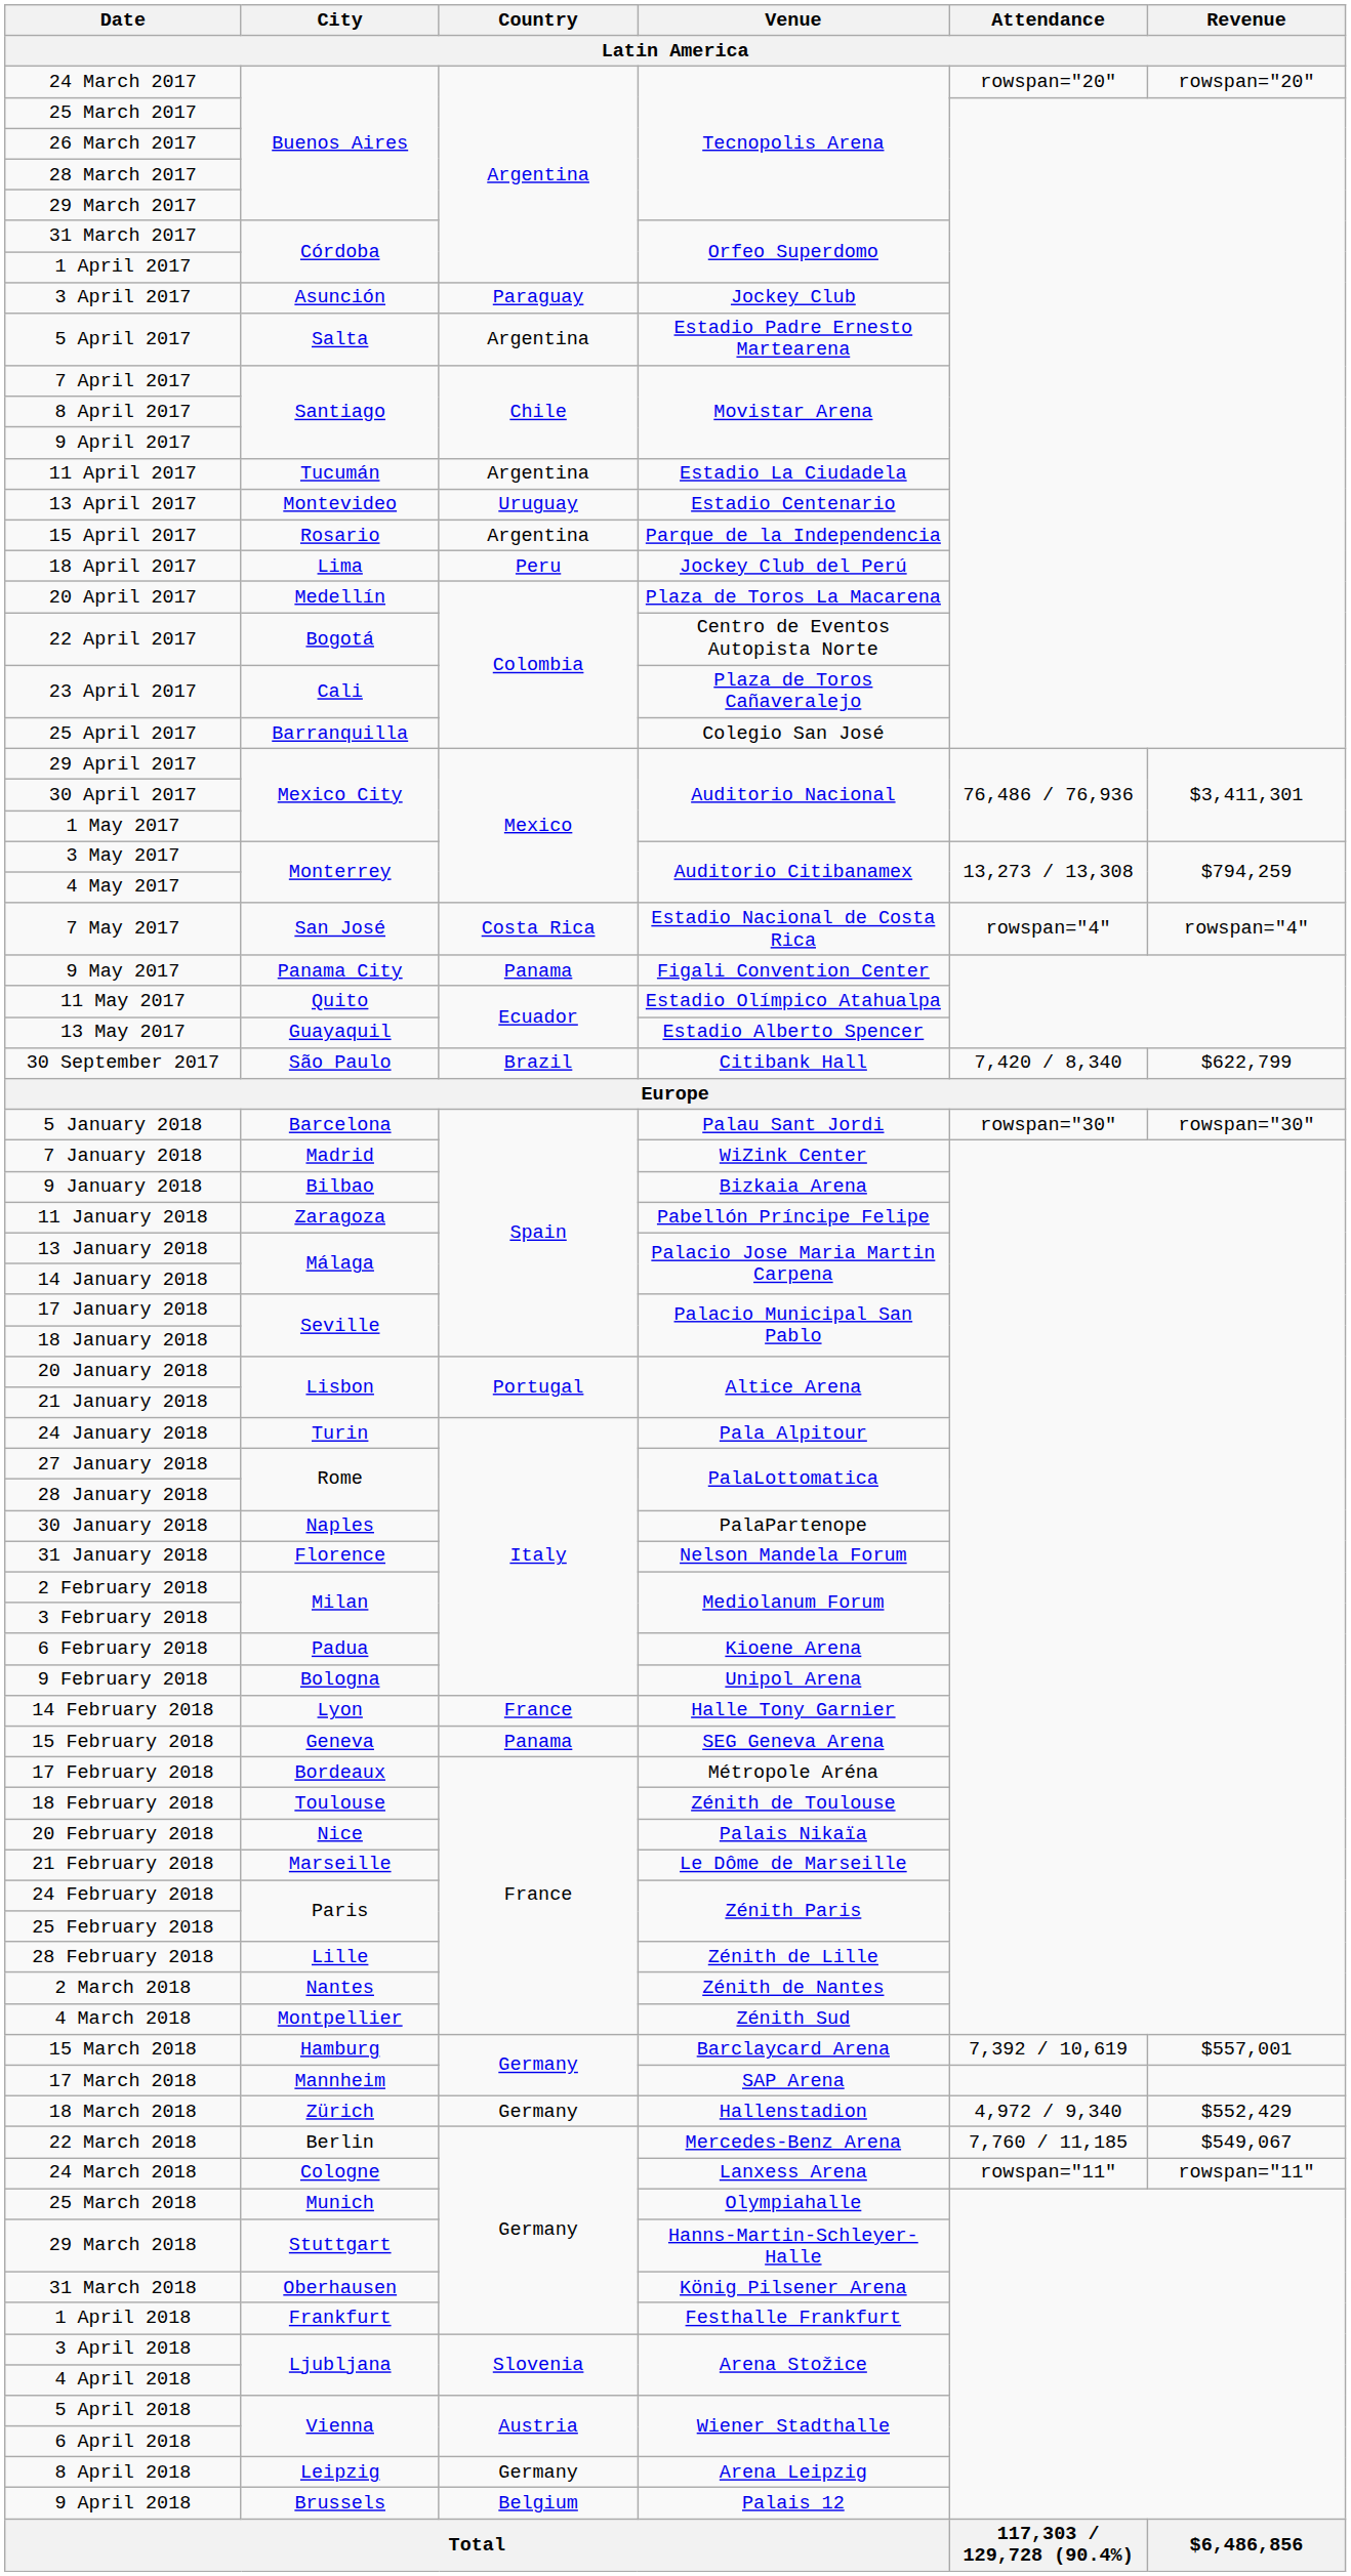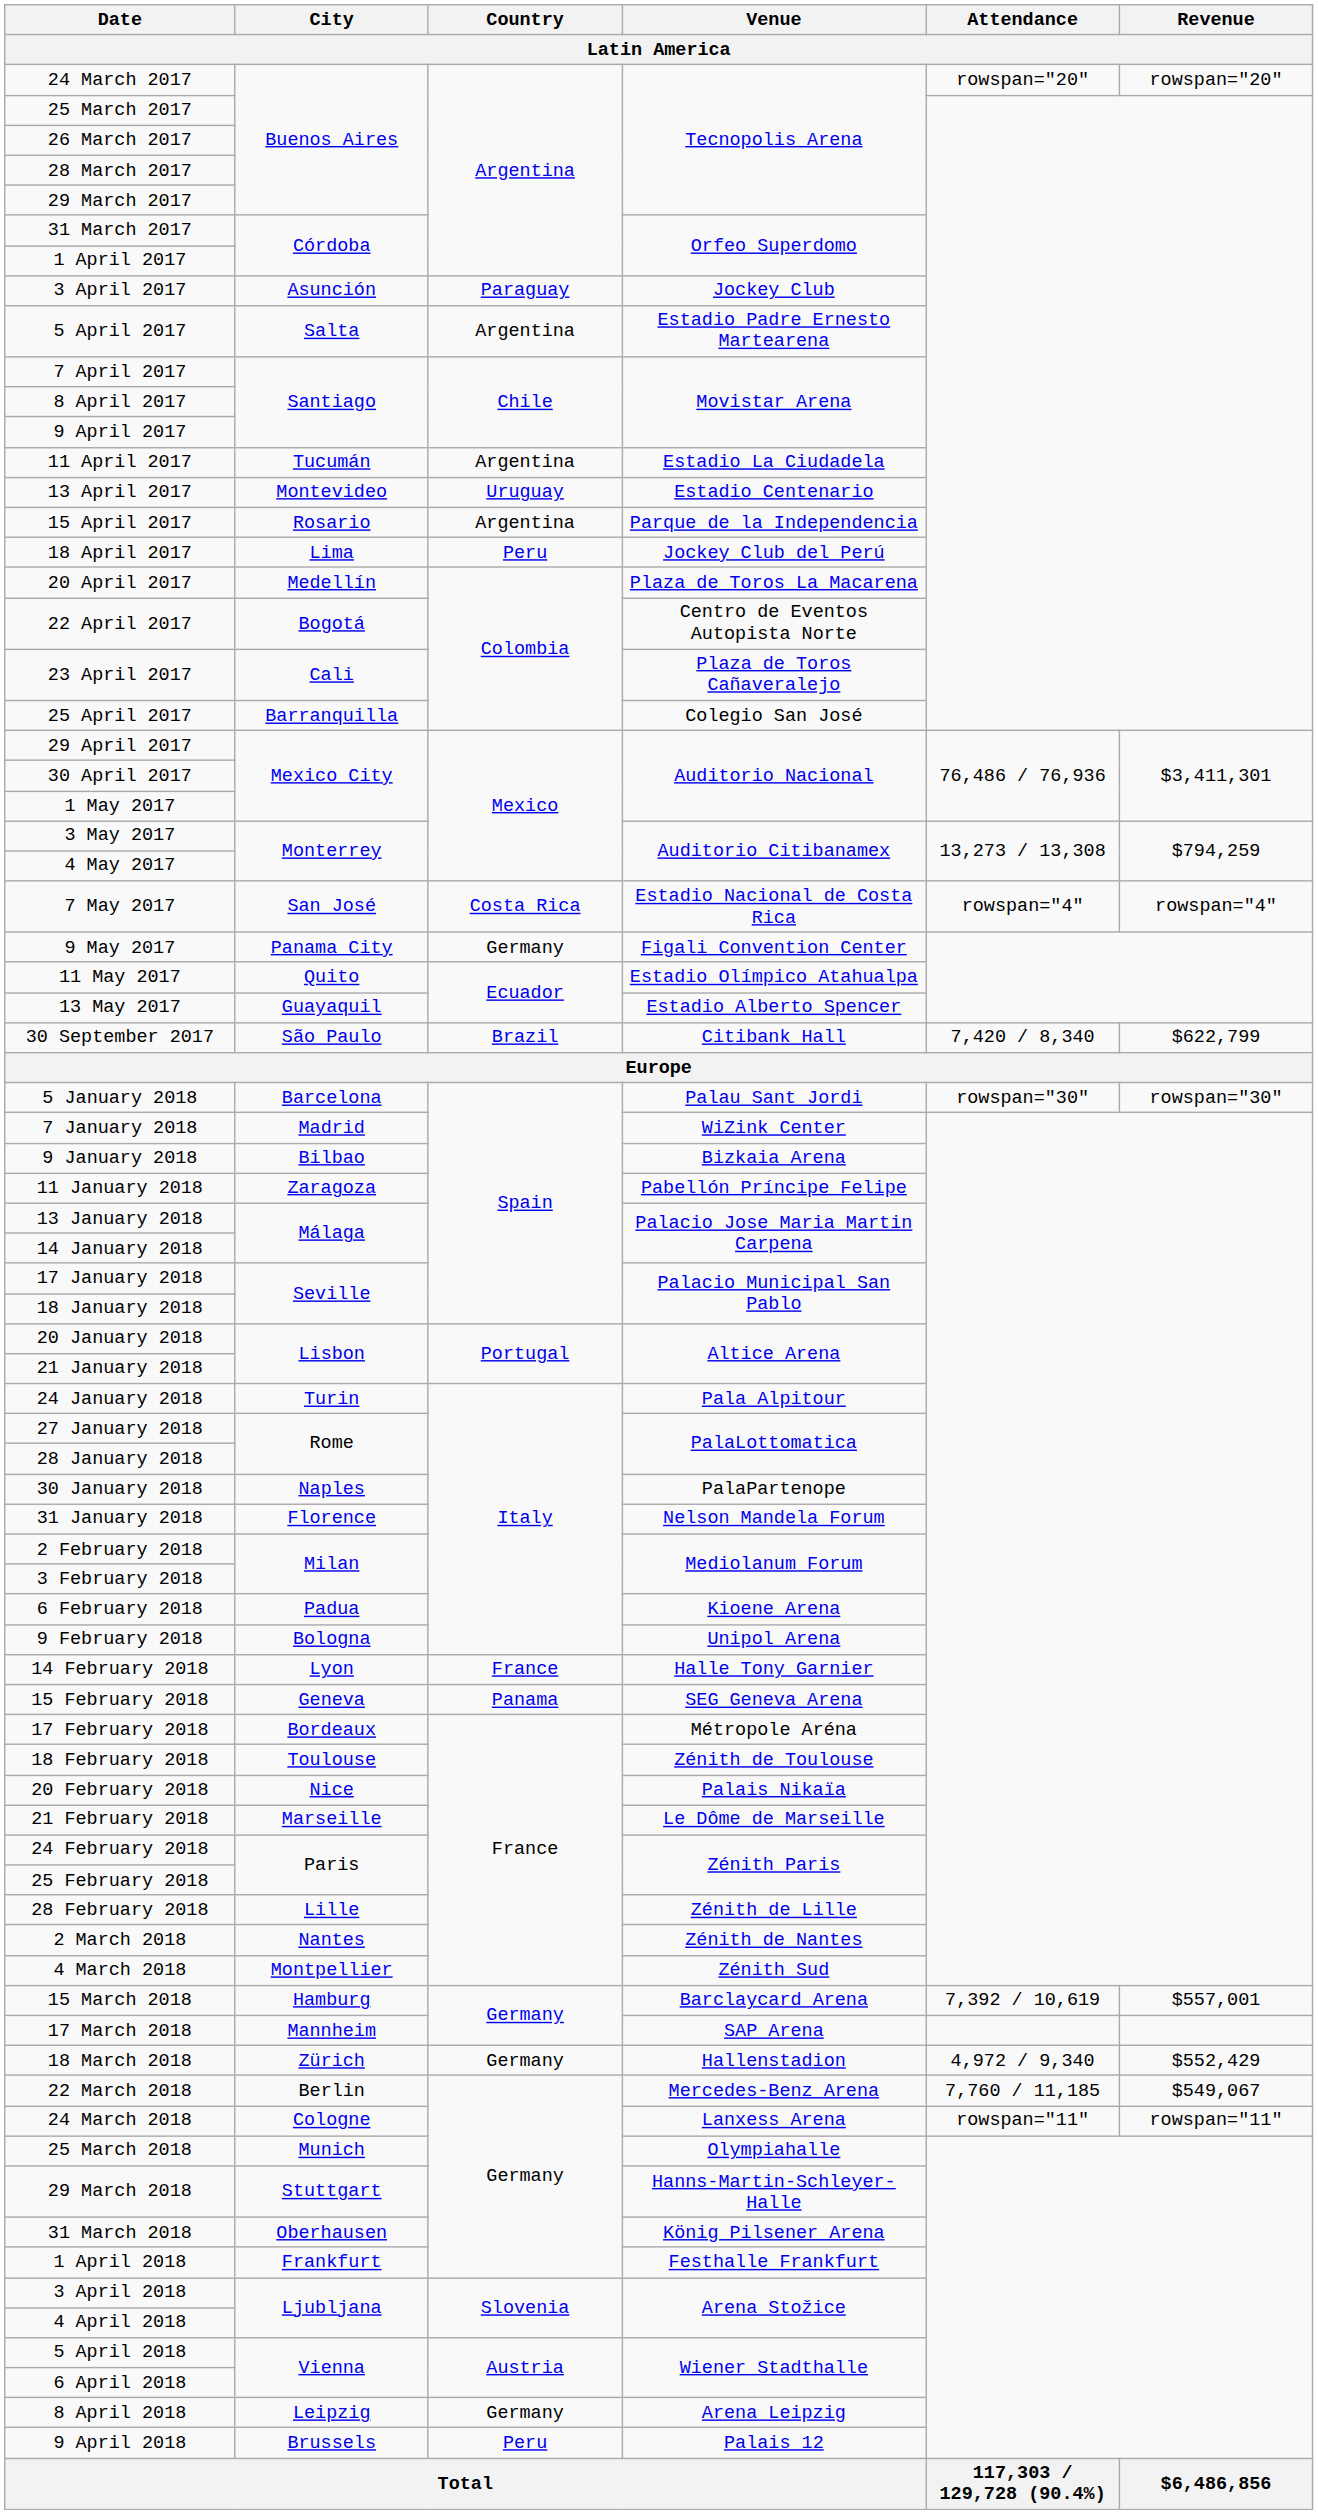 <table class="wikitable plainrowheaders" style="text-align:center;">
 <tr>
 <th scope="col" style="width:12em;">Date</th>
 <th scope="col" style="width:10em;">City</th>
 <th scope="col" style="width:10em;">Country</th>
 <th scope="col" style="width:16em;">Venue</th>
 <th scope="col" style="width:10em;">Attendance</th>
 <th scope="col" style="width:10em;">Revenue</th>
 </tr>
 <tr>
 <th colspan="6">Latin America</th>
 </tr>
 <tr>
 <td>24 March 2017</td>
 <td rowspan="5"><a href='#'>Buenos Aires</a></td>
 <td rowspan="7"><a href='#'>Argentina</a></td>
 <td rowspan="5"><a href='#'>Tecnopolis Arena</a></td>
 <td>rowspan="20" </td>
 <td>rowspan="20" </td>
 </tr>
 <tr>
 <td>25 March 2017</td>
 </tr>
 <tr>
 <td>26 March 2017</td>
 </tr>
 <tr>
 <td>28 March 2017</td>
 </tr>
 <tr>
 <td>29 March 2017</td>
 </tr>
 <tr>
 <td>31 March 2017</td>
 <td rowspan="2"><a href='#'>Córdoba</a></td>
 <td rowspan="2"><a href='#'>Orfeo Superdomo</a></td>
 </tr>
 <tr>
 <td>1 April 2017</td>
 </tr>
 <tr>
 <td>3 April 2017</td>
 <td><a href='#'>Asunción</a></td>
 <td><a href='#'>Paraguay</a></td>
 <td><a href='#'>Jockey Club</a></td>
 </tr>
 <tr>
 <td>5 April 2017</td>
 <td><a href='#'>Salta</a></td>
 <td>Argentina</td>
 <td><a href='#'>Estadio Padre Ernesto Martearena</a></td>
 </tr>
 <tr>
 <td>7 April 2017</td>
 <td rowspan="3"><a href='#'>Santiago</a></td>
 <td rowspan="3"><a href='#'>Chile</a></td>
 <td rowspan="3"><a href='#'>Movistar Arena</a></td>
 </tr>
 <tr>
 <td>8 April 2017</td>
 </tr>
 <tr>
 <td>9 April 2017</td>
 </tr>
 <tr>
 <td>11 April 2017</td>
 <td><a href='#'>Tucumán</a></td>
 <td>Argentina</td>
 <td><a href='#'>Estadio La Ciudadela</a></td>
 </tr>
 <tr>
 <td>13 April 2017</td>
 <td><a href='#'>Montevideo</a></td>
 <td><a href='#'>Uruguay</a></td>
 <td><a href='#'>Estadio Centenario</a></td>
 </tr>
 <tr>
 <td>15 April 2017</td>
 <td><a href='#'>Rosario</a></td>
 <td>Argentina</td>
 <td><a href='#'>Parque de la Independencia</a></td>
 </tr>
 <tr>
 <td>18 April 2017</td>
 <td><a href='#'>Lima</a></td>
 <td><a href='#'>Peru</a></td>
 <td><a href='#'>Jockey Club del Perú</a></td>
 </tr>
 <tr>
 <td>20 April 2017</td>
 <td><a href='#'>Medellín</a></td>
 <td rowspan="4"><a href='#'>Colombia</a></td>
 <td><a href='#'>Plaza de Toros La Macarena</a></td>
 </tr>
 <tr>
 <td>22 April 2017</td>
 <td><a href='#'>Bogotá</a></td>
 <td>Centro de Eventos Autopista Norte</td>
 </tr>
 <tr>
 <td>23 April 2017</td>
 <td><a href='#'>Cali</a></td>
 <td><a href='#'>Plaza de Toros Cañaveralejo</a></td>
 </tr>
 <tr>
 <td>25 April 2017</td>
 <td><a href='#'>Barranquilla</a></td>
 <td>Colegio San José</td>
 </tr>
 <tr>
 <td>29 April 2017</td>
 <td rowspan="3"><a href='#'>Mexico City</a></td>
 <td rowspan="5"><a href='#'>Mexico</a></td>
 <td rowspan="3"><a href='#'>Auditorio Nacional</a></td>
 <td rowspan="3">76,486 / 76,936</td>
 <td rowspan="3">$3,411,301</td>
 </tr>
 <tr>
 <td>30 April 2017</td>
 </tr>
 <tr>
 <td>1 May 2017</td>
 </tr>
 <tr>
 <td>3 May 2017</td>
 <td rowspan="2"><a href='#'>Monterrey</a></td>
 <td rowspan="2"><a href='#'>Auditorio Citibanamex</a></td>
 <td rowspan="2">13,273 / 13,308</td>
 <td rowspan="2">$794,259</td>
 </tr>
 <tr>
 <td>4 May 2017</td>
 </tr>
 <tr>
 <td>7 May 2017</td>
 <td><a href='#'>San José</a></td>
 <td><a href='#'>Costa Rica</a></td>
 <td><a href='#'>Estadio Nacional de Costa Rica</a></td>
 <td>rowspan="4" </td>
 <td>rowspan="4" </td>
 </tr>
 <tr>
 <td>9 May 2017</td>
 <td><a href='#'>Panama City</a></td>
-<td><a href='#'>Panama</a></td>
+<td>Germany</td>
 <td><a href='#'>Figali Convention Center</a></td>
 </tr>
 <tr>
 <td>11 May 2017</td>
 <td><a href='#'>Quito</a></td>
 <td rowspan="2"><a href='#'>Ecuador</a></td>
 <td><a href='#'>Estadio Olímpico Atahualpa</a></td>
 </tr>
 <tr>
 <td>13 May 2017</td>
 <td><a href='#'>Guayaquil</a></td>
 <td><a href='#'>Estadio Alberto Spencer</a></td>
 </tr>
 <tr>
 <td>30 September 2017</td>
 <td><a href='#'>São Paulo</a></td>
 <td><a href='#'>Brazil</a></td>
 <td><a href='#'>Citibank Hall</a></td>
 <td>7,420 / 8,340</td>
 <td>$622,799</td>
 </tr>
 <tr>
 <th colspan="6">Europe</th>
 </tr>
 <tr>
 <td>5 January 2018</td>
 <td><a href='#'>Barcelona</a></td>
 <td rowspan="8"><a href='#'>Spain</a></td>
 <td><a href='#'>Palau Sant Jordi</a></td>
 <td>rowspan="30" </td>
 <td>rowspan="30" </td>
 </tr>
 <tr>
 <td>7 January 2018</td>
 <td><a href='#'>Madrid</a></td>
 <td><a href='#'>WiZink Center</a></td>
 </tr>
 <tr>
 <td>9 January 2018</td>
 <td><a href='#'>Bilbao</a></td>
 <td><a href='#'>Bizkaia Arena</a></td>
 </tr>
 <tr>
 <td>11 January 2018</td>
 <td><a href='#'>Zaragoza</a></td>
 <td><a href='#'>Pabellón Príncipe Felipe</a></td>
 </tr>
 <tr>
 <td>13 January 2018</td>
 <td rowspan="2"><a href='#'>Málaga</a></td>
 <td rowspan="2"><a href='#'>Palacio Jose Maria Martin Carpena</a></td>
 </tr>
 <tr>
 <td>14 January 2018</td>
 </tr>
 <tr>
 <td>17 January 2018</td>
 <td rowspan="2"><a href='#'>Seville</a></td>
 <td rowspan="2"><a href='#'>Palacio Municipal San Pablo</a></td>
 </tr>
 <tr>
 <td>18 January 2018</td>
 </tr>
 <tr>
 <td>20 January 2018</td>
 <td rowspan="2"><a href='#'>Lisbon</a></td>
 <td rowspan="2"><a href='#'>Portugal</a></td>
 <td rowspan="2"><a href='#'>Altice Arena</a></td>
 </tr>
 <tr>
 <td>21 January 2018</td>
 </tr>
 <tr>
 <td>24 January 2018</td>
 <td><a href='#'>Turin</a></td>
 <td rowspan="9"><a href='#'>Italy</a></td>
 <td><a href='#'>Pala Alpitour</a></td>
 </tr>
 <tr>
 <td>27 January 2018</td>
 <td rowspan="2">Rome</td>
 <td rowspan="2"><a href='#'>PalaLottomatica</a></td>
 </tr>
 <tr>
 <td>28 January 2018</td>
 </tr>
 <tr>
 <td>30 January 2018</td>
 <td><a href='#'>Naples</a></td>
 <td>PalaPartenope</td>
 </tr>
 <tr>
 <td>31 January 2018</td>
 <td><a href='#'>Florence</a></td>
 <td><a href='#'>Nelson Mandela Forum</a></td>
 </tr>
 <tr>
 <td>2 February 2018</td>
 <td rowspan="2"><a href='#'>Milan</a></td>
 <td rowspan="2"><a href='#'>Mediolanum Forum</a></td>
 </tr>
 <tr>
 <td>3 February 2018</td>
 </tr>
 <tr>
 <td>6 February 2018</td>
 <td><a href='#'>Padua</a></td>
 <td><a href='#'>Kioene Arena</a></td>
 </tr>
 <tr>
 <td>9 February 2018</td>
 <td><a href='#'>Bologna</a></td>
 <td><a href='#'>Unipol Arena</a></td>
 </tr>
 <tr>
 <td>14 February 2018</td>
 <td><a href='#'>Lyon</a></td>
 <td><a href='#'>France</a></td>
 <td><a href='#'>Halle Tony Garnier</a></td>
 </tr>
 <tr>
 <td>15 February 2018</td>
 <td><a href='#'>Geneva</a></td>
 <td><a href='#'>Panama</a></td>
 <td><a href='#'>SEG Geneva Arena</a></td>
 </tr>
 <tr>
 <td>17 February 2018</td>
 <td><a href='#'>Bordeaux</a></td>
 <td rowspan="9">France</td>
 <td>Métropole Aréna</td>
 </tr>
 <tr>
 <td>18 February 2018</td>
 <td><a href='#'>Toulouse</a></td>
 <td><a href='#'>Zénith de Toulouse</a></td>
 </tr>
 <tr>
 <td>20 February 2018</td>
 <td><a href='#'>Nice</a></td>
 <td><a href='#'>Palais Nikaïa</a></td>
 </tr>
 <tr>
 <td>21 February 2018</td>
 <td><a href='#'>Marseille</a></td>
 <td><a href='#'>Le Dôme de Marseille</a></td>
 </tr>
 <tr>
 <td>24 February 2018</td>
 <td rowspan="2">Paris</td>
 <td rowspan="2"><a href='#'>Zénith Paris</a></td>
 </tr>
 <tr>
 <td>25 February 2018</td>
 </tr>
 <tr>
 <td>28 February 2018</td>
 <td><a href='#'>Lille</a></td>
 <td><a href='#'>Zénith de Lille</a></td>
 </tr>
 <tr>
 <td>2 March 2018</td>
 <td><a href='#'>Nantes</a></td>
 <td><a href='#'>Zénith de Nantes</a></td>
 </tr>
 <tr>
 <td>4 March 2018</td>
 <td><a href='#'>Montpellier</a></td>
 <td><a href='#'>Zénith Sud</a></td>
 </tr>
 <tr>
 <td>15 March 2018</td>
 <td><a href='#'>Hamburg</a></td>
 <td rowspan="2"><a href='#'>Germany</a></td>
 <td><a href='#'>Barclaycard Arena</a></td>
 <td>7,392 / 10,619</td>
 <td>$557,001</td>
 </tr>
 <tr>
 <td>17 March 2018</td>
 <td><a href='#'>Mannheim</a></td>
 <td><a href='#'>SAP Arena</a></td>
 <td></td>
 <td></td>
 </tr>
 <tr>
 <td>18 March 2018</td>
 <td><a href='#'>Zürich</a></td>
 <td>Germany</td>
 <td><a href='#'>Hallenstadion</a></td>
 <td>4,972 / 9,340</td>
 <td>$552,429</td>
 </tr>
 <tr>
 <td>22 March 2018</td>
 <td>Berlin</td>
 <td rowspan="6">Germany</td>
 <td><a href='#'>Mercedes-Benz Arena</a></td>
 <td>7,760 / 11,185</td>
 <td>$549,067</td>
 </tr>
 <tr>
 <td>24 March 2018</td>
 <td><a href='#'>Cologne</a></td>
 <td><a href='#'>Lanxess Arena</a></td>
 <td>rowspan="11" </td>
 <td>rowspan="11" </td>
 </tr>
 <tr>
 <td>25 March 2018</td>
 <td><a href='#'>Munich</a></td>
 <td><a href='#'>Olympiahalle</a></td>
 </tr>
 <tr>
 <td>29 March 2018</td>
 <td><a href='#'>Stuttgart</a></td>
 <td><a href='#'>Hanns-Martin-Schleyer-Halle</a></td>
 </tr>
 <tr>
 <td>31 March 2018</td>
 <td><a href='#'>Oberhausen</a></td>
 <td><a href='#'>König Pilsener Arena</a></td>
 </tr>
 <tr>
 <td>1 April 2018</td>
 <td><a href='#'>Frankfurt</a></td>
 <td><a href='#'>Festhalle Frankfurt</a></td>
 </tr>
 <tr>
 <td>3 April 2018</td>
 <td rowspan="2"><a href='#'>Ljubljana</a></td>
 <td rowspan="2"><a href='#'>Slovenia</a></td>
 <td rowspan="2"><a href='#'>Arena Stožice</a></td>
 </tr>
 <tr>
 <td>4 April 2018</td>
 </tr>
 <tr>
 <td>5 April 2018</td>
 <td rowspan="2"><a href='#'>Vienna</a></td>
 <td rowspan="2"><a href='#'>Austria</a></td>
 <td rowspan="2"><a href='#'>Wiener Stadthalle</a></td>
 </tr>
 <tr>
 <td>6 April 2018</td>
 </tr>
 <tr>
 <td>8 April 2018</td>
 <td><a href='#'>Leipzig</a></td>
 <td>Germany</td>
 <td><a href='#'>Arena Leipzig</a></td>
 </tr>
 <tr>
 <td>9 April 2018</td>
 <td><a href='#'>Brussels</a></td>
-<td><a href='#'>Belgium</a></td>
+<td><a href='#'>Peru</a></td>
 <td><a href='#'>Palais 12</a></td>
 </tr>
 <tr>
 <th colspan="4">Total</th>
 <th>117,303 / 129,728 (90.4%)</th>
 <th>$6,486,856</th>
 </tr>
 </table>
